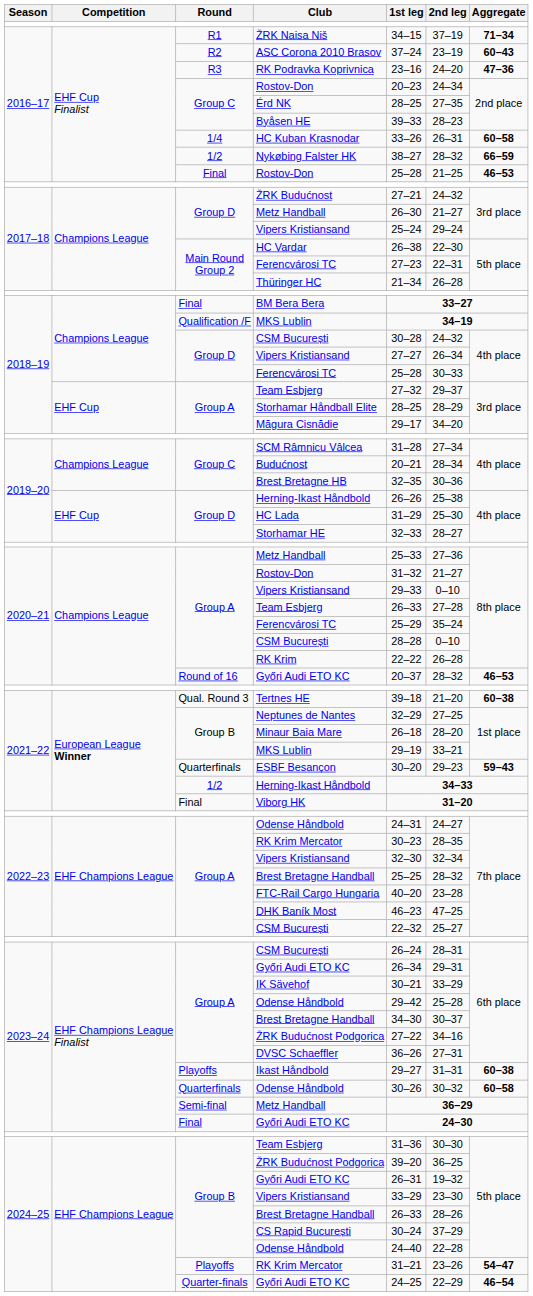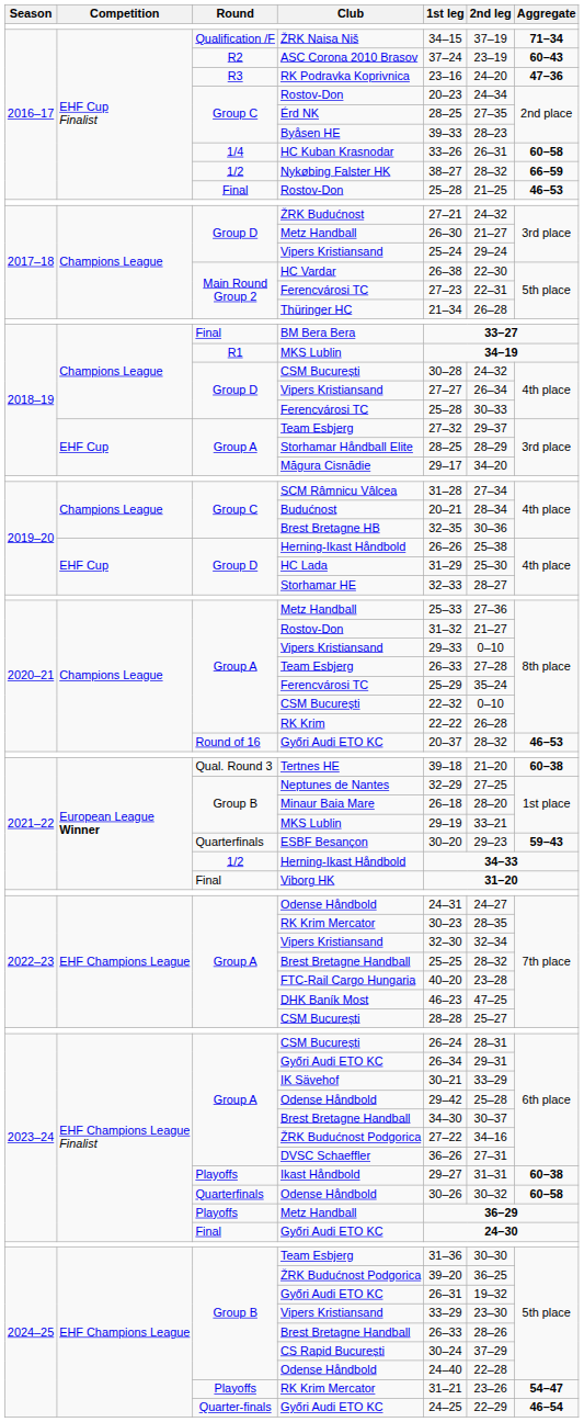 <table class="wikitable">
 <tr>
 <th>Season</th>
 <th>Competition</th>
 <th>Round</th>
 <th>Club</th>
 <th>1st leg</th>
 <th>2nd leg</th>
 <th>Aggregate</th>
 </tr>
 <tr>
 <td colspan="7" bgcolor=white></td>
 </tr>
 <tr>
 <td rowspan="9"><a href='#'>2016–17</a></td>
 <td rowspan="9"><a href='#'>EHF Cup</a><br> <em>Finalist</em></td>
-<td style="text-align:center;"><a href='#'>R1</a></td>
+<td align=center><a href='#'>Qualification /F</a></td>
 <td> <a href='#'>ŽRK Naisa Niš</a></td>
 <td style="text-align:center;">34–15</td>
 <td style="text-align:center;">37–19</td>
 <td style="text-align:center;"><strong>71–34</strong></td>
 </tr>
 <tr>
 <td style="text-align:center;"><a href='#'>R2</a></td>
 <td> <a href='#'>ASC Corona 2010 Brasov</a></td>
 <td style="text-align:center;">37–24</td>
 <td style="text-align:center;">23–19</td>
 <td style="text-align:center;"><strong>60–43</strong></td>
 </tr>
 <tr>
 <td style="text-align:center;"><a href='#'>R3</a></td>
 <td> <a href='#'>RK Podravka Koprivnica</a></td>
 <td style="text-align:center;">23–16</td>
 <td style="text-align:center;">24–20</td>
 <td style="text-align:center;"><strong>47–36</strong></td>
 </tr>
 <tr>
 <td rowspan="3" style="text-align:center;"><a href='#'>Group C</a></td>
 <td> <a href='#'>Rostov-Don</a></td>
 <td style="text-align:center;">20–23</td>
 <td style="text-align:center;">24–34</td>
 <td rowspan="3" style="text-align:center;">2nd place</td>
 </tr>
 <tr>
 <td> <a href='#'>Érd NK</a></td>
 <td style="text-align:center;">28–25</td>
 <td style="text-align:center;">27–35</td>
 </tr>
 <tr>
 <td> <a href='#'>Byåsen HE</a></td>
 <td style="text-align:center;">39–33</td>
 <td style="text-align:center;">28–23</td>
 </tr>
 <tr>
 <td style="text-align:center;"><a href='#'>1/4</a></td>
 <td> <a href='#'>HC Kuban Krasnodar</a></td>
 <td style="text-align:center;">33–26</td>
 <td style="text-align:center;">26–31</td>
 <td style="text-align:center;"><strong>60–58</strong></td>
 </tr>
 <tr>
 <td style="text-align:center;"><a href='#'>1/2</a></td>
 <td> <a href='#'>Nykøbing Falster HK</a></td>
 <td style="text-align:center;">38–27</td>
 <td style="text-align:center;">28–32</td>
 <td style="text-align:center;"><strong>66–59</strong></td>
 </tr>
 <tr>
 <td style="text-align:center;"><a href='#'>Final</a></td>
 <td> <a href='#'>Rostov-Don</a></td>
 <td style="text-align:center;">25–28</td>
 <td style="text-align:center;">21–25</td>
 <td style="text-align:center;"><strong>46–53</strong></td>
 </tr>
 <tr>
 <td colspan=7 style="text-align: center;" bgcolor=white></td>
 </tr>
 <tr>
 <td rowspan=6><a href='#'>2017–18</a></td>
 <td rowspan=6><a href='#'>Champions League</a></td>
 <td rowspan=3 align=center><a href='#'> Group D</a></td>
 <td> <a href='#'>ŽRK Budućnost</a></td>
 <td align=center>27–21</td>
 <td align=center>24–32</td>
 <td align=center rowspan=3>3rd place</td>
 </tr>
 <tr>
 <td> <a href='#'>Metz Handball</a></td>
 <td align=center>26–30</td>
 <td align=center>21–27</td>
 </tr>
 <tr>
 <td> <a href='#'>Vipers Kristiansand</a></td>
 <td align=center>25–24</td>
 <td align=center>29–24</td>
 </tr>
 <tr>
 <td rowspan=3 align=center><a href='#'>Main Round<br>Group 2</a></td>
 <td> <a href='#'>HC Vardar</a></td>
 <td align=center>26–38</td>
 <td align=center>22–30</td>
 <td align=center rowspan=3>5th place</td>
 </tr>
 <tr>
 <td> <a href='#'>Ferencvárosi TC</a></td>
 <td align=center>27–23</td>
 <td align=center>22–31</td>
 </tr>
 <tr>
 <td> <a href='#'>Thüringer HC</a></td>
 <td align=center>21–34</td>
 <td align=center>26–28</td>
 </tr>
 <tr>
 <td colspan=7 style="text-align: center;" bgcolor=white></td>
 </tr>
 <tr>
 <td rowspan=8><a href='#'>2018–19</a></td>
 <td rowspan=5><a href='#'>Champions League</a></td>
 <td><a href='#'>Final</a></td>
 <td> <a href='#'>BM Bera Bera</a></td>
 <td align=center colspan=3><strong>33–27</strong></td>
 </tr>
 <tr>
-<td align=center><a href='#'>Qualification /F</a></td>
+<td style="text-align:center;"><a href='#'>R1</a></td>
 <td> <a href='#'>MKS Lublin</a></td>
 <td align=center colspan=3><strong>34–19</strong></td>
 </tr>
 <tr>
 <td rowspan=3 align=center><a href='#'> Group D</a></td>
 <td> <a href='#'>CSM București</a></td>
 <td align=center>30–28</td>
 <td align=center>24–32</td>
 <td align=center rowspan=3>4th place</td>
 </tr>
 <tr>
 <td> <a href='#'>Vipers Kristiansand</a></td>
 <td align=center>27–27</td>
 <td align=center>26–34</td>
 </tr>
 <tr>
 <td> <a href='#'>Ferencvárosi TC</a></td>
 <td align=center>25–28</td>
 <td align=center>30–33</td>
 </tr>
 <tr>
 <td rowspan=3><a href='#'>EHF Cup</a></td>
 <td rowspan=3 align=center><a href='#'>Group A</a></td>
 <td> <a href='#'>Team Esbjerg</a></td>
 <td align=center>27–32</td>
 <td style="text-align:center;">29–37</td>
 <td align=center rowspan=3>3rd place</td>
 </tr>
 <tr>
 <td> <a href='#'>Storhamar Håndball Elite</a></td>
 <td align=center>28–25</td>
 <td align=center>28–29</td>
 </tr>
 <tr>
 <td> <a href='#'>Măgura Cisnădie</a></td>
 <td align=center>29–17</td>
 <td align=center>34–20</td>
 </tr>
 <tr>
 <td colspan=7 style="text-align: center;" bgcolor=white></td>
 </tr>
 <tr>
 <td rowspan=6><a href='#'>2019–20</a></td>
 <td rowspan=3><a href='#'>Champions League</a></td>
 <td rowspan=3 align=center><a href='#'>Group C</a></td>
 <td> <a href='#'>SCM Râmnicu Vâlcea</a></td>
 <td align=center>31–28</td>
 <td align=center>27–34</td>
 <td align=center rowspan=3>4th place</td>
 </tr>
 <tr>
 <td> <a href='#'>Budućnost</a></td>
 <td align=center>20–21</td>
 <td align=center>28–34</td>
 </tr>
 <tr>
 <td> <a href='#'>Brest Bretagne HB</a></td>
 <td align=center>32–35</td>
 <td align=center>30–36</td>
 </tr>
 <tr>
 <td rowspan=3><a href='#'>EHF Cup</a></td>
 <td rowspan=3 align=center><a href='#'>Group D</a></td>
 <td> <a href='#'>Herning-Ikast Håndbold</a></td>
 <td align=center>26–26</td>
 <td align=center>25–38</td>
 <td align=center rowspan=3>4th place</td>
 </tr>
 <tr>
 <td> <a href='#'>HC Lada</a></td>
 <td align=center>31–29</td>
 <td align=center>25–30</td>
 </tr>
 <tr>
 <td> <a href='#'>Storhamar HE</a></td>
 <td align=center>32–33</td>
 <td align=center>28–27</td>
 </tr>
 <tr>
 <td colspan=7 style="text-align: center;" bgcolor=white></td>
 </tr>
 <tr>
 <td rowspan=8><a href='#'>2020–21</a></td>
 <td rowspan=8><a href='#'>Champions League</a></td>
 <td rowspan=7 align=center><a href='#'>Group A</a></td>
 <td> <a href='#'>Metz Handball</a></td>
 <td style="text-align:center;">25–33</td>
 <td style="text-align:center;">27–36</td>
 <td align=center rowspan=7>8th place</td>
 </tr>
 <tr>
 <td> <a href='#'>Rostov-Don</a></td>
 <td style="text-align:center;">31–32</td>
 <td style="text-align:center;">21–27</td>
 </tr>
 <tr>
 <td> <a href='#'>Vipers Kristiansand</a></td>
 <td style="text-align:center;">29–33</td>
 <td style="text-align:center;">0–10</td>
 </tr>
 <tr>
 <td> <a href='#'>Team Esbjerg</a></td>
 <td style="text-align:center;">26–33</td>
 <td align=center>27–28</td>
 </tr>
 <tr>
 <td> <a href='#'>Ferencvárosi TC</a></td>
 <td style="text-align:center;">25–29</td>
 <td style="text-align:center;">35–24</td>
 </tr>
 <tr>
 <td> <a href='#'>CSM București</a></td>
-<td style="text-align:center;">28–28</td>
+<td style="text-align:center;">22–32</td>
 <td style="text-align:center;">0–10</td>
 </tr>
 <tr>
 <td> <a href='#'>RK Krim</a></td>
 <td style="text-align:center;">22–22</td>
 <td style="text-align:center;">26–28</td>
 </tr>
 <tr>
 <td><a href='#'>Round of 16</a></td>
 <td> <a href='#'>Győri Audi ETO KC</a></td>
 <td style="text-align:center;">20–37</td>
 <td style="text-align:center;">28–32</td>
 <td style="text-align:center;"><strong>46–53</strong></td>
 </tr>
 <tr>
 <td colspan=7 style="text-align: center;" bgcolor=white></td>
 </tr>
 <tr>
 <td rowspan=7><a href='#'>2021–22</a></td>
 <td rowspan=7><a href='#'>European League</a><br> <strong>Winner</strong></td>
 <td>Qual. Round 3</td>
 <td> <a href='#'>Tertnes HE</a></td>
 <td style="text-align:center;">39–18</td>
 <td style="text-align:center;">21–20</td>
 <td style="text-align:center;"><strong>60–38</strong></td>
 </tr>
 <tr>
 <td rowspan=3 align=center>Group B</td>
 <td> <a href='#'>Neptunes de Nantes</a></td>
 <td style="text-align:center;">32–29</td>
 <td style="text-align:center;">27–25</td>
 <td align=center rowspan=3>1st place</td>
 </tr>
 <tr>
 <td> <a href='#'>Minaur Baia Mare</a></td>
 <td style="text-align:center;">26–18</td>
 <td style="text-align:center;">28–20</td>
 </tr>
 <tr>
 <td> <a href='#'>MKS Lublin</a></td>
 <td style="text-align:center;">29–19</td>
 <td style="text-align:center;">33–21</td>
 </tr>
 <tr>
 <td>Quarterfinals</td>
 <td> <a href='#'>ESBF Besançon</a></td>
 <td style="text-align:center;">30–20</td>
 <td style="text-align:center;">29–23</td>
 <td style="text-align:center;"><strong>59–43</strong></td>
 </tr>
 <tr>
 <td style="text-align:center;"><a href='#'>1/2</a></td>
 <td> <a href='#'>Herning-Ikast Håndbold</a></td>
 <td align=center colspan=3><strong>34–33</strong></td>
 </tr>
 <tr>
 <td>Final</td>
 <td> <a href='#'>Viborg HK</a></td>
 <td align=center colspan=3><strong>31–20</strong></td>
 </tr>
 <tr>
 <td colspan=7 style="text-align: center;" bgcolor=white></td>
 </tr>
 <tr>
 <td rowspan=7><a href='#'>2022–23</a></td>
 <td rowspan=7><a href='#'>EHF Champions League</a></td>
 <td rowspan=7 style="text-align:center;"><a href='#'>Group A</a></td>
 <td> <a href='#'>Odense Håndbold</a></td>
 <td style="text-align:center;">24–31</td>
 <td style="text-align:center;">24–27</td>
 <td align=center rowspan=7>7th place</td>
 </tr>
 <tr>
 <td> <a href='#'>RK Krim Mercator</a></td>
 <td style="text-align:center;">30–23</td>
 <td style="text-align:center;">28–35</td>
 </tr>
 <tr>
 <td> <a href='#'>Vipers Kristiansand</a></td>
 <td style="text-align:center;">32–30</td>
 <td style="text-align:center;">32–34</td>
 </tr>
 <tr>
 <td> <a href='#'>Brest Bretagne Handball</a></td>
 <td style="text-align:center;">25–25</td>
 <td style="text-align:center;">28–32</td>
 </tr>
 <tr>
 <td> <a href='#'>FTC-Rail Cargo Hungaria</a></td>
 <td style="text-align:center;">40–20</td>
 <td style="text-align:center;">23–28</td>
 </tr>
 <tr>
 <td> <a href='#'>DHK Baník Most</a></td>
 <td style="text-align:center;">46–23</td>
 <td style="text-align:center;">47–25</td>
 </tr>
 <tr>
 <td> <a href='#'>CSM București</a></td>
-<td style="text-align:center;">22–32</td>
+<td style="text-align:center;">28–28</td>
 <td style="text-align:center;">25–27</td>
 </tr>
 <tr>
 <td colspan=7 style="text-align: center;" bgcolor=white></td>
 </tr>
 <tr>
 <td rowspan=11><a href='#'>2023–24</a></td>
 <td rowspan=11><a href='#'>EHF Champions League</a><br> <em>Finalist</em></td>
 <td rowspan=7 style="text-align:center;"><a href='#'>Group A</a></td>
 <td> <a href='#'>CSM București</a></td>
 <td style="text-align:center;">26–24</td>
 <td style="text-align:center;">28–31</td>
 <td align=center rowspan=7>6th place</td>
 </tr>
 <tr>
 <td> <a href='#'>Győri Audi ETO KC</a></td>
 <td style="text-align:center;">26–34</td>
 <td style="text-align:center;">29–31</td>
 </tr>
 <tr>
 <td> <a href='#'>IK Sävehof</a></td>
 <td style="text-align:center;">30–21</td>
 <td style="text-align:center;">33–29</td>
 </tr>
 <tr>
 <td> <a href='#'>Odense Håndbold</a></td>
 <td style="text-align:center;">29–42</td>
 <td style="text-align:center;">25–28</td>
 </tr>
 <tr>
 <td> <a href='#'>Brest Bretagne Handball</a></td>
 <td style="text-align:center;">34–30</td>
 <td style="text-align:center;">30–37</td>
 </tr>
 <tr>
 <td> <a href='#'>ŽRK Budućnost Podgorica</a></td>
 <td style="text-align:center;">27–22</td>
 <td style="text-align:center;">34–16</td>
 </tr>
 <tr>
 <td> <a href='#'>DVSC Schaeffler</a></td>
 <td style="text-align:center;">36–26</td>
 <td style="text-align:center;">27–31</td>
 </tr>
 <tr>
 <td><a href='#'>Playoffs</a></td>
 <td> <a href='#'>Ikast Håndbold</a></td>
 <td style="text-align:center;">29–27</td>
 <td style="text-align:center;">31–31</td>
 <td style="text-align:center;"><strong>60–38</strong></td>
 </tr>
 <tr>
 <td><a href='#'>Quarterfinals</a></td>
 <td> <a href='#'>Odense Håndbold</a></td>
 <td style="text-align:center;">30–26</td>
 <td style="text-align:center;">30–32</td>
 <td style="text-align:center;"><strong>60–58</strong></td>
 </tr>
 <tr>
-<td><a href='#'>Semi-final</a></td>
+<td><a href='#'>Playoffs</a></td>
 <td> <a href='#'>Metz Handball</a></td>
 <td align=center colspan=3><strong>36–29</strong></td>
 </tr>
 <tr>
 <td><a href='#'>Final</a></td>
 <td> <a href='#'>Győri Audi ETO KC</a></td>
 <td align=center colspan=3><strong>24–30</strong></td>
 </tr>
 <tr>
 <td colspan=7 style="text-align: center;" bgcolor=white></td>
 </tr>
 <tr>
 <td rowspan=9><a href='#'>2024–25</a></td>
 <td rowspan=9><a href='#'>EHF Champions League</a></td>
 <td rowspan=7 style="text-align:center;"><a href='#'>Group B</a></td>
 <td> <a href='#'>Team Esbjerg</a></td>
 <td style="text-align:center;">31–36</td>
 <td style="text-align:center;">30–30</td>
 <td align=center rowspan=7>5th place</td>
 </tr>
 <tr>
 <td> <a href='#'>ŽRK Budućnost Podgorica</a></td>
 <td style="text-align:center;">39–20</td>
 <td style="text-align:center;">36–25</td>
 </tr>
 <tr>
 <td> <a href='#'>Győri Audi ETO KC</a></td>
 <td style="text-align:center;">26–31</td>
 <td style="text-align:center;">19–32</td>
 </tr>
 <tr>
 <td> <a href='#'>Vipers Kristiansand</a></td>
 <td style="text-align:center;">33–29</td>
 <td style="text-align:center;">23–30</td>
 </tr>
 <tr>
 <td> <a href='#'>Brest Bretagne Handball</a></td>
 <td style="text-align:center;">26–33</td>
 <td style="text-align:center;">28–26</td>
 </tr>
 <tr>
 <td> <a href='#'>CS Rapid București</a></td>
 <td style="text-align:center;">30–24</td>
 <td style="text-align:center;">37–29</td>
 </tr>
 <tr>
 <td> <a href='#'>Odense Håndbold</a></td>
 <td style="text-align:center;">24–40</td>
 <td style="text-align:center;">22–28</td>
 </tr>
 <tr>
 <td style="text-align:center;"><a href='#'>Playoffs</a></td>
 <td> <a href='#'>RK Krim Mercator</a></td>
 <td style="text-align:center;">31–21</td>
 <td style="text-align:center;">23–26</td>
 <td style="text-align:center;"><strong>54–47</strong></td>
 </tr>
 <tr>
 <td style="text-align:center;"><a href='#'>Quarter-finals</a></td>
 <td> <a href='#'>Győri Audi ETO KC</a></td>
 <td style="text-align:center;">24–25</td>
 <td style="text-align:center;">22–29</td>
 <td style="text-align:center;"><strong>46–54</strong></td>
 </tr>
 </table>
